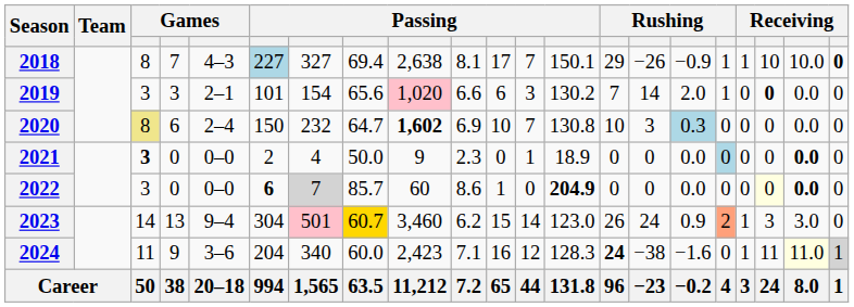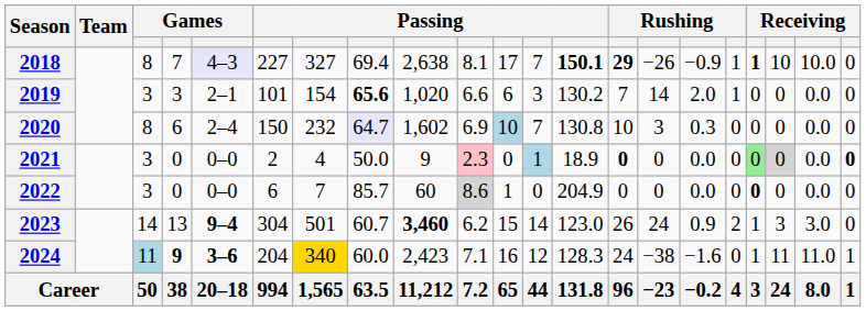 <table class="wikitable" style="text-align:center;">
 <tr>
 <th rowspan="2">Season</th>
 <th rowspan="2">Team</th>
 <th colspan="3">Games</th>
 <th colspan="8">Passing</th>
 <th colspan="4">Rushing</th>
 <th colspan="4">Receiving</th>
 </tr>
 <tr>
 <th></th>
 <th></th>
 <th></th>
 <th></th>
 <th></th>
 <th></th>
 <th></th>
 <th></th>
 <th></th>
 <th></th>
 <th></th>
 <th></th>
 <th></th>
 <th></th>
 <th></th>
 <th></th>
 <th></th>
 <th></th>
 <th></th>
 </tr>
 <tr>
 <th><a href='#'>2018</a></th>
 <td rowspan="3" style=></td>
 <td>8</td>
 <td>7</td>
-<td>4–3</td>
-<td style="background: lightblue;">227</td>
+<td style="background: lavender;">4–3</td>
+<td>227</td>
 <td>327</td>
 <td>69.4</td>
 <td>2,638</td>
 <td>8.1</td>
 <td>17</td>
 <td>7</td>
-<td>150.1</td>
-<td>29</td>
+<td><strong>150.1</strong></td>
+<td><strong>29</strong></td>
 <td>−26</td>
 <td>−0.9</td>
 <td>1</td>
-<td>1</td>
+<td><strong>1</strong></td>
 <td>10</td>
 <td>10.0</td>
-<td><strong>0</strong></td>
+<td>0</td>
 </tr>
 <tr>
 <th><a href='#'>2019</a></th>
 <td>3</td>
 <td>3</td>
 <td>2–1</td>
 <td>101</td>
 <td>154</td>
-<td>65.6</td>
-<td style="background: pink;">1,020</td>
+<td><strong>65.6</strong></td>
+<td>1,020</td>
 <td>6.6</td>
 <td>6</td>
 <td>3</td>
 <td>130.2</td>
 <td>7</td>
 <td>14</td>
 <td>2.0</td>
 <td>1</td>
 <td>0</td>
-<td><strong>0</strong></td>
+<td>0</td>
 <td>0.0</td>
 <td>0</td>
 </tr>
 <tr>
 <th><a href='#'>2020</a></th>
-<td style="background: khaki;">8</td>
+<td>8</td>
 <td>6</td>
 <td>2–4</td>
 <td>150</td>
 <td>232</td>
-<td>64.7</td>
-<td><strong>1,602</strong></td>
+<td style="background: lavender;">64.7</td>
+<td>1,602</td>
 <td>6.9</td>
-<td>10</td>
+<td style="background: lightblue;">10</td>
 <td>7</td>
 <td>130.8</td>
 <td>10</td>
 <td>3</td>
-<td style="background: lightblue;">0.3</td>
+<td>0.3</td>
 <td>0</td>
 <td>0</td>
 <td>0</td>
 <td>0.0</td>
 <td>0</td>
 </tr>
 <tr>
 <th><a href='#'>2021</a></th>
 <td rowspan="2" style=></td>
-<td><strong>3</strong></td>
+<td>3</td>
 <td>0</td>
 <td>0–0</td>
 <td>2</td>
 <td>4</td>
 <td>50.0</td>
 <td>9</td>
-<td>2.3</td>
+<td style="background: pink;">2.3</td>
 <td>0</td>
-<td>1</td>
+<td style="background: lightblue;">1</td>
 <td>18.9</td>
-<td>0</td>
+<td><strong>0</strong></td>
 <td>0</td>
 <td>0.0</td>
-<td style="background: lightblue;">0</td>
 <td>0</td>
-<td>0</td>
-<td><strong>0.0</strong></td>
-<td>0</td>
+<td style="background: lightgreen;">0</td>
+<td style="background: lightgrey;">0</td>
+<td>0.0</td>
+<td><strong>0</strong></td>
 </tr>
 <tr>
 <th><a href='#'>2022</a></th>
 <td>3</td>
 <td>0</td>
 <td>0–0</td>
-<td><strong>6</strong></td>
-<td style="background: lightgrey;">7</td>
+<td>6</td>
+<td>7</td>
 <td>85.7</td>
 <td>60</td>
-<td>8.6</td>
+<td style="background: lightgrey;">8.6</td>
 <td>1</td>
 <td>0</td>
-<td><strong>204.9</strong></td>
+<td>204.9</td>
 <td>0</td>
 <td>0</td>
 <td>0.0</td>
 <td>0</td>
+<td><strong>0</strong></td>
 <td>0</td>
-<td style="background: lightyellow;">0</td>
-<td><strong>0.0</strong></td>
+<td>0.0</td>
 <td>0</td>
 </tr>
 <tr>
 <th><a href='#'>2023</a></th>
 <td rowspan="2" style=></td>
 <td>14</td>
 <td>13</td>
-<td>9–4</td>
+<td><strong>9–4</strong></td>
 <td>304</td>
-<td style="background: pink;">501</td>
-<td style="background: gold;">60.7</td>
-<td>3,460</td>
+<td>501</td>
+<td>60.7</td>
+<td><strong>3,460</strong></td>
 <td>6.2</td>
 <td>15</td>
 <td>14</td>
 <td>123.0</td>
 <td>26</td>
 <td>24</td>
 <td>0.9</td>
-<td style="background: lightsalmon;">2</td>
+<td>2</td>
 <td>1</td>
 <td>3</td>
 <td>3.0</td>
 <td>0</td>
 </tr>
 <tr>
 <th><a href='#'>2024</a></th>
-<td>11</td>
-<td>9</td>
-<td>3–6</td>
+<td style="background: lightblue;">11</td>
+<td><strong>9</strong></td>
+<td><strong>3–6</strong></td>
 <td>204</td>
-<td>340</td>
+<td style="background: gold;">340</td>
 <td>60.0</td>
 <td>2,423</td>
 <td>7.1</td>
 <td>16</td>
 <td>12</td>
 <td>128.3</td>
-<td><strong>24</strong></td>
+<td>24</td>
 <td>−38</td>
 <td>−1.6</td>
 <td>0</td>
 <td>1</td>
 <td>11</td>
-<td style="background: lightyellow;">11.0</td>
-<td style="background: lightgrey;">1</td>
+<td>11.0</td>
+<td>1</td>
 </tr>
 <tr>
 <th colspan="2">Career</th>
 <th>50</th>
 <th>38</th>
 <th>20–18</th>
 <th>994</th>
 <th>1,565</th>
 <th>63.5</th>
 <th>11,212</th>
 <th>7.2</th>
 <th>65</th>
 <th>44</th>
 <th>131.8</th>
 <th>96</th>
 <th>−23</th>
 <th>−0.2</th>
 <th>4</th>
 <th>3</th>
 <th>24</th>
 <th>8.0</th>
 <th>1</th>
 </tr>
 </table>
